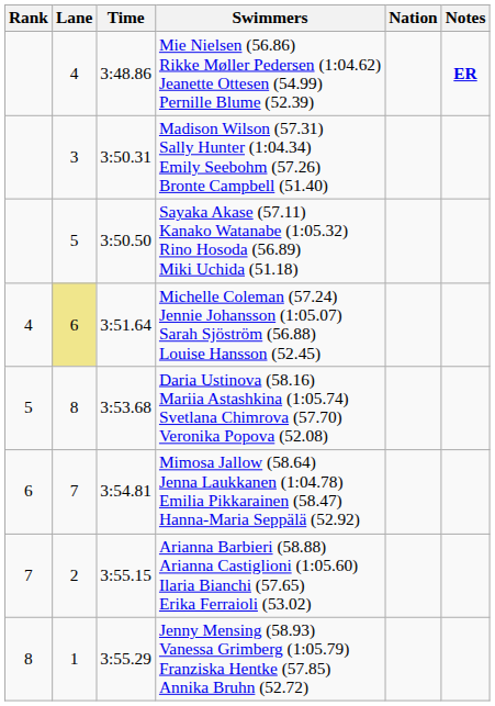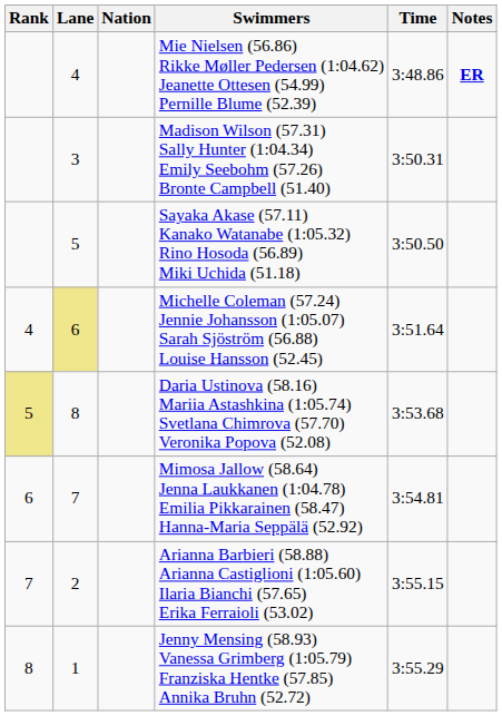 <table class="wikitable sortable" style="text-align:center">
 <tr>
 <th>Rank</th>
 <th>Lane</th>
+<th>Nation</th>
+<th>Swimmers</th>
 <th>Time</th>
-<th>Swimmers</th>
-<th>Nation</th>
 <th>Notes</th>
 </tr>
 <tr>
 <td></td>
 <td>4</td>
+<td align=left></td>
+<td align=left><a href='#'>Mie Nielsen</a> (56.86)<br><a href='#'>Rikke Møller Pedersen</a> (1:04.62)<br><a href='#'>Jeanette Ottesen</a> (54.99)<br><a href='#'>Pernille Blume</a> (52.39)</td>
 <td>3:48.86</td>
-<td align=left><a href='#'>Mie Nielsen</a> (56.86)<br><a href='#'>Rikke Møller Pedersen</a> (1:04.62)<br><a href='#'>Jeanette Ottesen</a> (54.99)<br><a href='#'>Pernille Blume</a> (52.39)</td>
-<td align=left></td>
 <td><strong><a href='#'>ER</a></strong></td>
 </tr>
 <tr>
 <td></td>
 <td>3</td>
+<td align=left></td>
+<td align=left><a href='#'>Madison Wilson</a> (57.31)<br><a href='#'>Sally Hunter</a> (1:04.34)<br><a href='#'>Emily Seebohm</a> (57.26)<br><a href='#'>Bronte Campbell</a> (51.40)</td>
 <td>3:50.31</td>
-<td align=left><a href='#'>Madison Wilson</a> (57.31)<br><a href='#'>Sally Hunter</a> (1:04.34)<br><a href='#'>Emily Seebohm</a> (57.26)<br><a href='#'>Bronte Campbell</a> (51.40)</td>
-<td align=left></td>
 <td></td>
 </tr>
 <tr>
 <td></td>
 <td>5</td>
+<td align=left></td>
+<td align=left><a href='#'>Sayaka Akase</a> (57.11)<br><a href='#'>Kanako Watanabe</a> (1:05.32)<br><a href='#'>Rino Hosoda</a> (56.89)<br><a href='#'>Miki Uchida</a> (51.18)</td>
 <td>3:50.50</td>
-<td align=left><a href='#'>Sayaka Akase</a> (57.11)<br><a href='#'>Kanako Watanabe</a> (1:05.32)<br><a href='#'>Rino Hosoda</a> (56.89)<br><a href='#'>Miki Uchida</a> (51.18)</td>
-<td align=left></td>
 <td></td>
 </tr>
 <tr>
 <td>4</td>
 <td style="background: khaki;">6</td>
+<td align=left></td>
+<td align=left><a href='#'>Michelle Coleman</a> (57.24)<br><a href='#'>Jennie Johansson</a> (1:05.07)<br><a href='#'>Sarah Sjöström</a> (56.88)<br><a href='#'>Louise Hansson</a> (52.45)</td>
 <td>3:51.64</td>
-<td align=left><a href='#'>Michelle Coleman</a> (57.24)<br><a href='#'>Jennie Johansson</a> (1:05.07)<br><a href='#'>Sarah Sjöström</a> (56.88)<br><a href='#'>Louise Hansson</a> (52.45)</td>
-<td align=left></td>
 <td></td>
 </tr>
 <tr>
-<td>5</td>
+<td style="background: khaki;">5</td>
 <td>8</td>
+<td align=left></td>
+<td align=left><a href='#'>Daria Ustinova</a> (58.16)<br><a href='#'>Mariia Astashkina</a> (1:05.74)<br><a href='#'>Svetlana Chimrova</a> (57.70)<br><a href='#'>Veronika Popova</a> (52.08)</td>
 <td>3:53.68</td>
-<td align=left><a href='#'>Daria Ustinova</a> (58.16)<br><a href='#'>Mariia Astashkina</a> (1:05.74)<br><a href='#'>Svetlana Chimrova</a> (57.70)<br><a href='#'>Veronika Popova</a> (52.08)</td>
-<td align=left></td>
 <td></td>
 </tr>
 <tr>
 <td>6</td>
 <td>7</td>
+<td align=left></td>
+<td align=left><a href='#'>Mimosa Jallow</a> (58.64)<br><a href='#'>Jenna Laukkanen</a> (1:04.78)<br><a href='#'>Emilia Pikkarainen</a> (58.47)<br><a href='#'>Hanna-Maria Seppälä</a> (52.92)</td>
 <td>3:54.81</td>
-<td align=left><a href='#'>Mimosa Jallow</a> (58.64)<br><a href='#'>Jenna Laukkanen</a> (1:04.78)<br><a href='#'>Emilia Pikkarainen</a> (58.47)<br><a href='#'>Hanna-Maria Seppälä</a> (52.92)</td>
-<td align=left></td>
 <td></td>
 </tr>
 <tr>
 <td>7</td>
 <td>2</td>
+<td align=left></td>
+<td align=left><a href='#'>Arianna Barbieri</a> (58.88)<br><a href='#'>Arianna Castiglioni</a> (1:05.60)<br><a href='#'>Ilaria Bianchi</a> (57.65)<br><a href='#'>Erika Ferraioli</a> (53.02)</td>
 <td>3:55.15</td>
-<td align=left><a href='#'>Arianna Barbieri</a> (58.88)<br><a href='#'>Arianna Castiglioni</a> (1:05.60)<br><a href='#'>Ilaria Bianchi</a> (57.65)<br><a href='#'>Erika Ferraioli</a> (53.02)</td>
-<td align=left></td>
 <td></td>
 </tr>
 <tr>
 <td>8</td>
 <td>1</td>
+<td align=left></td>
+<td align=left><a href='#'>Jenny Mensing</a> (58.93)<br><a href='#'>Vanessa Grimberg</a> (1:05.79)<br><a href='#'>Franziska Hentke</a> (57.85)<br><a href='#'>Annika Bruhn</a> (52.72)</td>
 <td>3:55.29</td>
-<td align=left><a href='#'>Jenny Mensing</a> (58.93)<br><a href='#'>Vanessa Grimberg</a> (1:05.79)<br><a href='#'>Franziska Hentke</a> (57.85)<br><a href='#'>Annika Bruhn</a> (52.72)</td>
-<td align=left></td>
 <td></td>
 </tr>
 </table>
